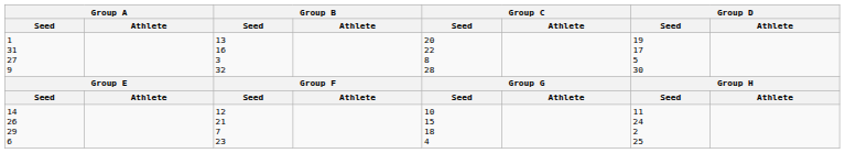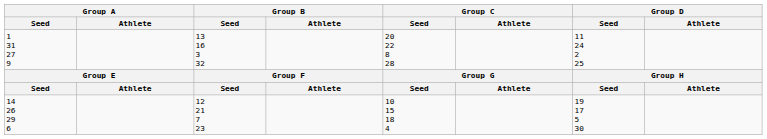 <table class="wikitable" width="100%">
 <tr>
 <th colspan="2" width="25%">Group A</th>
 <th colspan="2" width="25%">Group B</th>
 <th colspan="2" width="25%">Group C</th>
 <th colspan="2" width="25%">Group D</th>
 </tr>
 <tr>
 <th>Seed</th>
 <th>Athlete</th>
 <th>Seed</th>
 <th>Athlete</th>
 <th>Seed</th>
 <th>Athlete</th>
 <th>Seed</th>
 <th>Athlete</th>
 </tr>
 <tr>
 <td>1<br>31<br>27<br>9</td>
 <td><br><br><br> <br> </td>
 <td>13<br>16<br>3<br>32</td>
 <td><br><br><br> <br> </td>
 <td>20<br>22<br>8<br>28</td>
 <td><br><br><br> <br> </td>
-<td>19<br>17<br>5<br>30</td>
+<td>11<br>24<br>2<br>25</td>
 <td><br><br><br> <br> </td>
 </tr>
 <tr>
 <th colspan="2">Group E</th>
 <th colspan="2">Group F</th>
 <th colspan="2">Group G</th>
 <th colspan="2">Group H</th>
 </tr>
 <tr>
 <th>Seed</th>
 <th>Athlete</th>
 <th>Seed</th>
 <th>Athlete</th>
 <th>Seed</th>
 <th>Athlete</th>
 <th>Seed</th>
 <th>Athlete</th>
 </tr>
 <tr>
 <td>14<br>26<br>29<br>6</td>
 <td><br><br><br> <br> </td>
 <td>12<br>21<br>7<br>23</td>
 <td><br><br><br> <br> </td>
 <td>10<br>15<br>18<br>4</td>
 <td><br><br><br> <br> </td>
-<td>11<br>24<br>2<br>25</td>
+<td>19<br>17<br>5<br>30</td>
 <td><br><br><br> <br> </td>
 </tr>
 </table>
